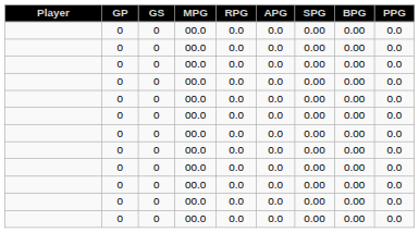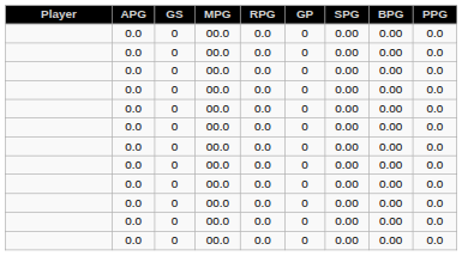 <table class="wikitable sortable" style="text-align:center;">
 <tr>
 <th style="background:#000000;color:#D3D3D3;" width="16%">Player</th>
-<th style="background:#000000;color:#D3D3D3;" width="6%">GP</th>
+<th style="background:#000000;color:#D3D3D3;" width="5%">APG</th>
 <th style="background:#000000;color:#D3D3D3;" width="6%">GS</th>
 <th style="background:#000000;color:#D3D3D3;" width="6%">MPG</th>
 <th style="background:#000000;color:#D3D3D3;" width="6%">RPG</th>
-<th style="background:#000000;color:#D3D3D3;" width="5%">APG</th>
+<th style="background:#000000;color:#D3D3D3;" width="6%">GP</th>
 <th style="background:#000000;color:#D3D3D3;" width="6%">SPG</th>
 <th style="background:#000000;color:#D3D3D3;" width="6%">BPG</th>
 <th style="background:#000000;color:#D3D3D3;" width="6%">PPG</th>
 </tr>
 <tr>
 <td></td>
-<td>0</td>
+<td>0.0</td>
 <td>0</td>
 <td>00.0</td>
 <td>0.0</td>
-<td>0.0</td>
+<td>0</td>
 <td>0.00</td>
 <td>0.00</td>
 <td>0.0</td>
 </tr>
 <tr>
 <td></td>
-<td>0</td>
+<td>0.0</td>
 <td>0</td>
 <td>00.0</td>
 <td>0.0</td>
-<td>0.0</td>
+<td>0</td>
 <td>0.00</td>
 <td>0.00</td>
 <td>0.0</td>
 </tr>
 <tr>
 <td></td>
-<td>0</td>
+<td>0.0</td>
 <td>0</td>
 <td>00.0</td>
 <td>0.0</td>
-<td>0.0</td>
+<td>0</td>
 <td>0.00</td>
 <td>0.00</td>
 <td>0.0</td>
 </tr>
 <tr>
 <td></td>
-<td>0</td>
+<td>0.0</td>
 <td>0</td>
 <td>00.0</td>
 <td>0.0</td>
-<td>0.0</td>
+<td>0</td>
 <td>0.00</td>
 <td>0.00</td>
 <td>0.0</td>
 </tr>
 <tr>
 <td></td>
-<td>0</td>
+<td>0.0</td>
 <td>0</td>
 <td>00.0</td>
 <td>0.0</td>
-<td>0.0</td>
+<td>0</td>
 <td>0.00</td>
 <td>0.00</td>
 <td>0.0</td>
 </tr>
 <tr>
 <td></td>
-<td>0</td>
+<td>0.0</td>
 <td>0</td>
 <td>00.0</td>
 <td>0.0</td>
-<td>0.0</td>
+<td>0</td>
 <td>0.00</td>
 <td>0.00</td>
 <td>0.0</td>
 </tr>
 <tr>
 <td></td>
-<td>0</td>
+<td>0.0</td>
 <td>0</td>
 <td>00.0</td>
 <td>0.0</td>
-<td>0.0</td>
+<td>0</td>
 <td>0.00</td>
 <td>0.00</td>
 <td>0.0</td>
 </tr>
 <tr>
 <td></td>
-<td>0</td>
+<td>0.0</td>
 <td>0</td>
 <td>00.0</td>
 <td>0.0</td>
-<td>0.0</td>
+<td>0</td>
 <td>0.00</td>
 <td>0.00</td>
 <td>0.0</td>
 </tr>
 <tr>
 <td></td>
-<td>0</td>
+<td>0.0</td>
 <td>0</td>
 <td>00.0</td>
 <td>0.0</td>
-<td>0.0</td>
+<td>0</td>
 <td>0.00</td>
 <td>0.00</td>
 <td>0.0</td>
 </tr>
 <tr>
 <td></td>
-<td>0</td>
+<td>0.0</td>
 <td>0</td>
 <td>00.0</td>
 <td>0.0</td>
-<td>0.0</td>
+<td>0</td>
 <td>0.00</td>
 <td>0.00</td>
 <td>0.0</td>
 </tr>
 <tr>
 <td></td>
-<td>0</td>
+<td>0.0</td>
 <td>0</td>
 <td>00.0</td>
 <td>0.0</td>
-<td>0.0</td>
+<td>0</td>
 <td>0.00</td>
 <td>0.00</td>
 <td>0.0</td>
 </tr>
 <tr>
 <td></td>
-<td>0</td>
+<td>0.0</td>
 <td>0</td>
 <td>00.0</td>
 <td>0.0</td>
-<td>0.0</td>
+<td>0</td>
 <td>0.00</td>
 <td>0.00</td>
 <td>0.0</td>
 </tr>
 </table>
